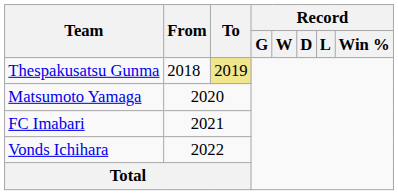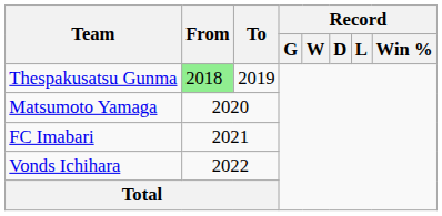 <table class="wikitable" style="text-align: center">
 <tr>
 <th rowspan="2">Team</th>
 <th rowspan="2">From</th>
 <th rowspan="2">To</th>
 <th colspan="5">Record</th>
 </tr>
 <tr>
 <th>G</th>
 <th>W</th>
 <th>D</th>
 <th>L</th>
 <th>Win %</th>
 </tr>
 <tr>
 <td align="left"><a href='#'>Thespakusatsu Gunma</a></td>
-<td align="left">2018</td>
-<td align="left" style="background: khaki;">2019<br></td>
+<td align="left" style="background: lightgreen;">2018</td>
+<td align="left">2019<br></td>
 </tr>
 <tr>
 <td align="left"><a href='#'>Matsumoto Yamaga</a></td>
 <td colspan="2">2020<br></td>
 </tr>
 <tr>
 <td align="left"><a href='#'>FC Imabari</a></td>
 <td colspan="2">2021<br></td>
 </tr>
 <tr>
 <td align="left"><a href='#'>Vonds Ichihara</a></td>
 <td colspan="2">2022<br></td>
 </tr>
 <tr>
 <th colspan="3">Total<br></th>
 </tr>
 </table>
